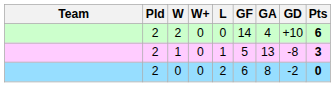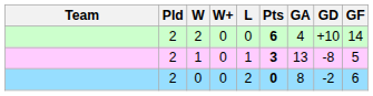 <table class="wikitable" style="text-align: center;">
 <tr>
 <th width="175">Team</th>
 <th width="20">Pld</th>
 <th width="20">W</th>
 <th width="20">W+</th>
 <th width="20">L</th>
-<th width="20">GF</th>
+<th width="20">Pts</th>
 <th width="20">GA</th>
 <th width="20">GD</th>
-<th width="20">Pts</th>
+<th width="20">GF</th>
 </tr>
 <tr align=center style="background:#ccffcc;">
 <td style="text-align:left;"></td>
 <td>2</td>
 <td>2</td>
 <td>0</td>
 <td>0</td>
-<td>14</td>
+<td><strong>6</strong></td>
 <td>4</td>
 <td>+10</td>
-<td><strong>6</strong></td>
+<td>14</td>
 </tr>
 <tr align=center style="background:#ffccff;">
 <td style="text-align:left;"></td>
 <td>2</td>
 <td>1</td>
 <td>0</td>
 <td>1</td>
-<td>5</td>
+<td><strong>3</strong></td>
 <td>13</td>
 <td>-8</td>
-<td><strong>3</strong></td>
+<td>5</td>
 </tr>
 <tr align=center style="background:#97DEFF;">
 <td style="text-align:left;"></td>
 <td>2</td>
 <td>0</td>
 <td>0</td>
 <td>2</td>
-<td>6</td>
+<td><strong>0</strong></td>
 <td>8</td>
 <td>-2</td>
-<td><strong>0</strong></td>
+<td>6</td>
 </tr>
 </table>
